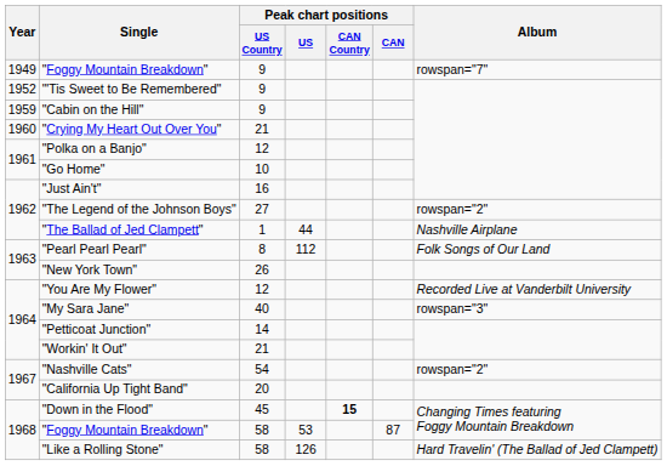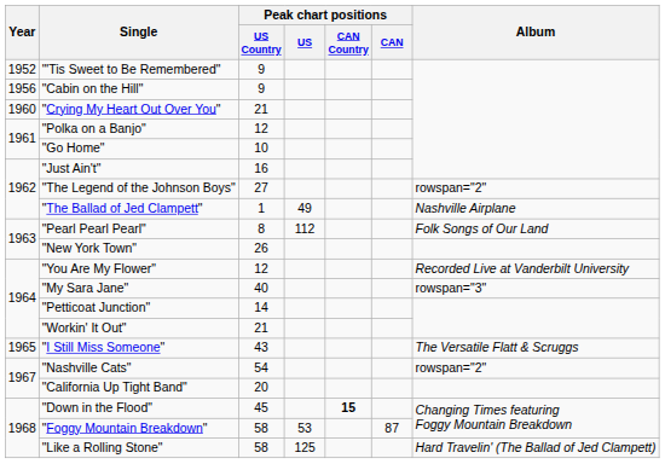 <table class="wikitable">
 <tr>
 <th rowspan="2">Year</th>
 <th rowspan="2">Single</th>
 <th colspan="4">Peak chart positions</th>
 <th rowspan="2">Album</th>
 </tr>
 <tr>
 <th width="45"><small><a href='#'>US Country</a></small></th>
 <th width="45"><small><a href='#'>US</a></small></th>
 <th width="45"><small><a href='#'>CAN Country</a></small></th>
 <th width="45"><small><a href='#'>CAN</a></small></th>
 </tr>
 <tr>
-<td>1949</td>
-<td>"<a href='#'>Foggy Mountain Breakdown</a>"</td>
-<td align="center">9</td>
-<td></td>
-<td></td>
-<td></td>
-<td>rowspan="7" </td>
-</tr>
-<tr>
 <td>1952</td>
 <td>"'Tis Sweet to Be Remembered"</td>
 <td align="center">9</td>
 <td></td>
 <td></td>
 <td></td>
 </tr>
 <tr>
-<td>1959</td>
+<td>1956</td>
 <td>"Cabin on the Hill"</td>
 <td align="center">9</td>
 <td></td>
 <td></td>
 <td></td>
 </tr>
 <tr>
 <td>1960</td>
 <td>"<a href='#'>Crying My Heart Out Over You</a>"</td>
 <td align="center">21</td>
 <td></td>
 <td></td>
 <td></td>
 </tr>
 <tr>
 <td rowspan="2">1961</td>
 <td>"Polka on a Banjo"</td>
 <td align="center">12</td>
 <td></td>
 <td></td>
 <td></td>
 </tr>
 <tr>
 <td>"Go Home"</td>
 <td align="center">10</td>
 <td></td>
 <td></td>
 <td></td>
 </tr>
 <tr>
 <td rowspan="3">1962</td>
 <td>"Just Ain't"</td>
 <td align="center">16</td>
 <td></td>
 <td></td>
 <td></td>
 </tr>
 <tr>
 <td>"The Legend of the Johnson Boys"</td>
 <td align="center">27</td>
 <td></td>
 <td></td>
 <td></td>
 <td>rowspan="2" </td>
 </tr>
 <tr>
 <td>"<a href='#'>The Ballad of Jed Clampett</a>"</td>
 <td align="center">1</td>
-<td align="center">44</td>
+<td align="center">49</td>
 <td></td>
 <td></td>
 <td><em>Nashville Airplane</em></td>
 </tr>
 <tr>
 <td rowspan="2">1963</td>
 <td>"Pearl Pearl Pearl"</td>
 <td align="center">8</td>
 <td align="center">112</td>
 <td></td>
 <td></td>
 <td><em>Folk Songs of Our Land</em></td>
 </tr>
 <tr>
 <td>"New York Town"</td>
 <td align="center">26</td>
 <td></td>
 <td></td>
 <td></td>
 </tr>
 <tr>
 <td rowspan="4">1964</td>
 <td>"You Are My Flower"</td>
 <td align="center">12</td>
 <td></td>
 <td></td>
 <td></td>
 <td><em>Recorded Live at Vanderbilt University</em></td>
 </tr>
 <tr>
 <td>"My Sara Jane"</td>
 <td align="center">40</td>
 <td></td>
 <td></td>
 <td></td>
 <td>rowspan="3" </td>
 </tr>
 <tr>
 <td>"Petticoat Junction"</td>
 <td align="center">14</td>
 <td></td>
 <td></td>
 <td></td>
 </tr>
 <tr>
 <td>"Workin' It Out"</td>
 <td align="center">21</td>
 <td></td>
 <td></td>
 <td></td>
 </tr>
 <tr>
+<td>1965</td>
+<td>"<a href='#'>I Still Miss Someone</a>"</td>
+<td align="center">43</td>
+<td></td>
+<td></td>
+<td></td>
+<td><em>The Versatile Flatt & Scruggs</em></td>
+</tr>
+<tr>
 <td rowspan="2">1967</td>
 <td>"Nashville Cats"</td>
 <td align="center">54</td>
 <td></td>
 <td></td>
 <td></td>
 <td>rowspan="2" </td>
 </tr>
 <tr>
 <td>"California Up Tight Band"</td>
 <td align="center">20</td>
 <td></td>
 <td></td>
 <td></td>
 </tr>
 <tr>
 <td rowspan="3">1968</td>
 <td>"Down in the Flood"</td>
 <td align="center">45</td>
 <td></td>
 <td align="center"><strong>15</strong></td>
 <td></td>
 <td rowspan="2"><em>Changing Times featuring<br>Foggy Mountain Breakdown</em></td>
 </tr>
 <tr>
 <td>"<a href='#'>Foggy Mountain Breakdown</a>"</td>
 <td align="center">58</td>
 <td align="center">53</td>
 <td></td>
 <td align="center">87</td>
 </tr>
 <tr>
 <td>"Like a Rolling Stone"</td>
 <td align="center">58</td>
-<td align="center">126</td>
+<td align="center">125</td>
 <td></td>
 <td></td>
 <td><em>Hard Travelin' (The Ballad of Jed Clampett)</em></td>
 </tr>
 </table>
